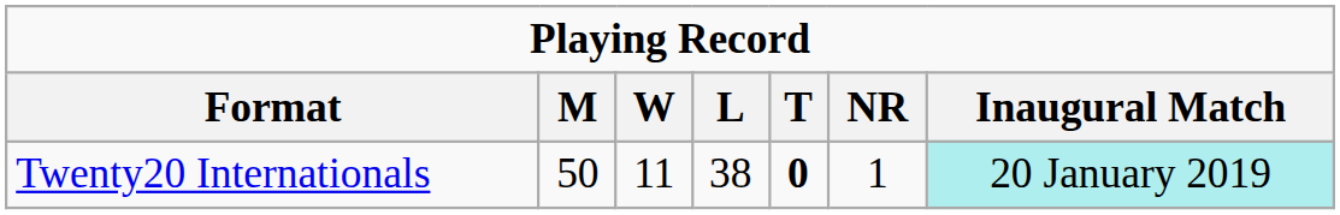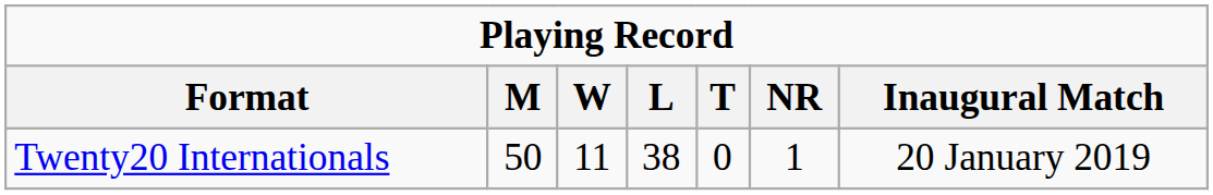 <table class="wikitable" style="text-align: center; width: 500px;">
 <tr>
 <td colspan=7 align="center"><strong>Playing Record</strong></td>
 </tr>
 <tr>
 <th>Format</th>
 <th>M</th>
 <th>W</th>
 <th>L</th>
 <th>T</th>
 <th>NR</th>
 <th>Inaugural Match</th>
 </tr>
 <tr>
 <td align="left"><a href='#'>Twenty20 Internationals</a></td>
 <td>50</td>
 <td>11</td>
 <td>38</td>
-<td><strong>0</strong></td>
+<td>0</td>
 <td>1</td>
-<td style="background: paleturquoise;">20 January 2019</td>
+<td>20 January 2019</td>
 </tr>
 </table>
